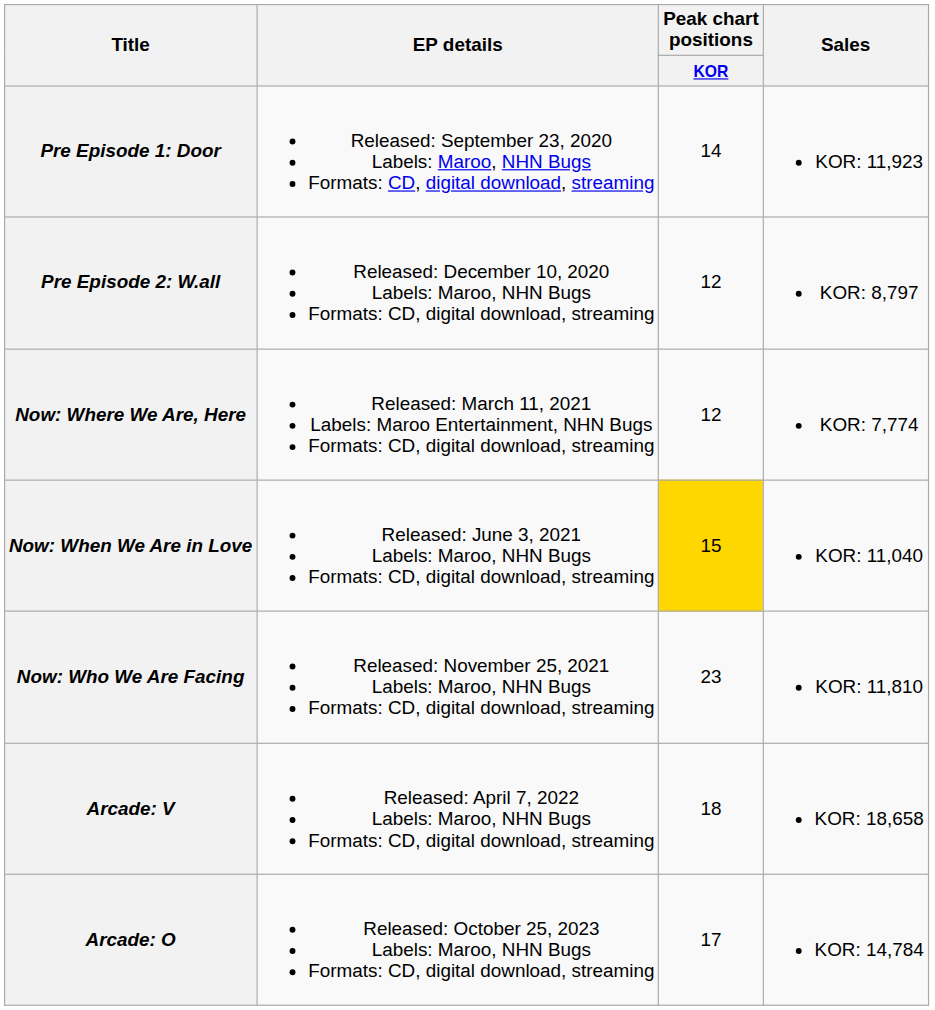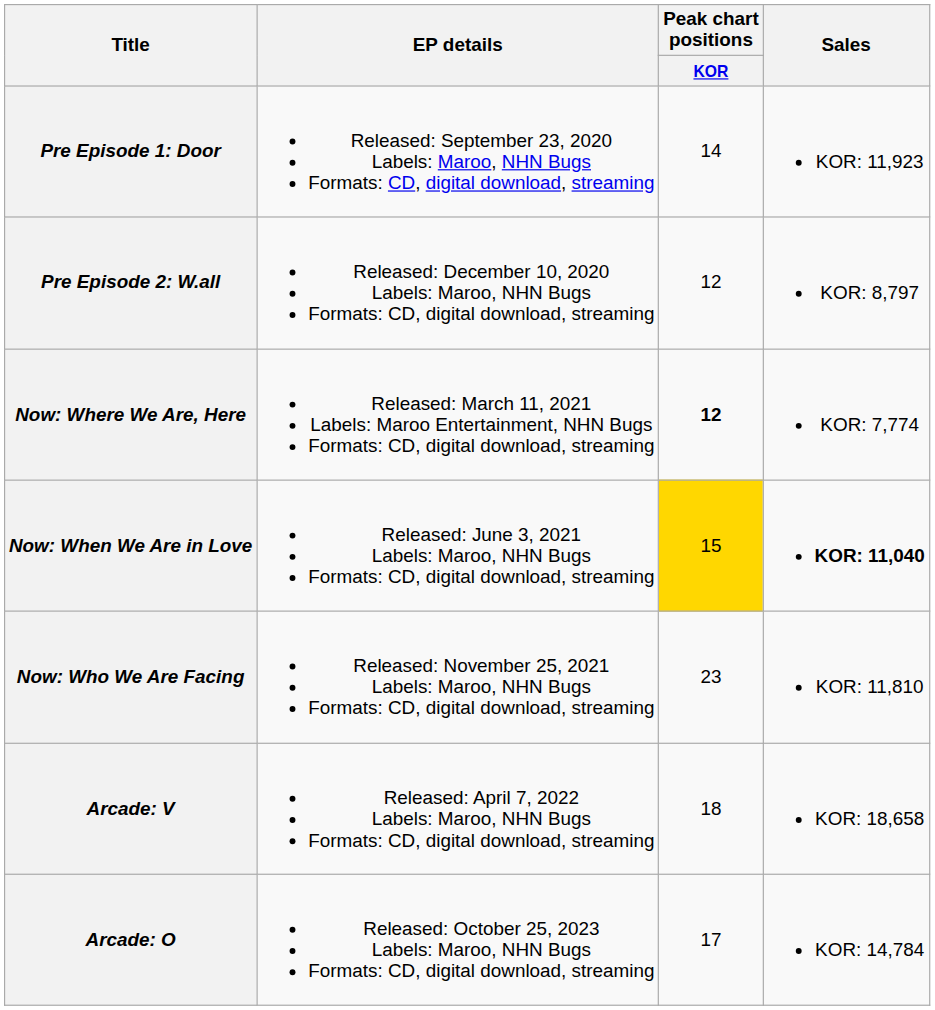 <table class="wikitable plainrowheaders" style="text-align:center">
 <tr>
 <th scope="col" rowspan="2">Title</th>
 <th scope="col" rowspan="2">EP details</th>
 <th scope="col" colspan="1">Peak chart<br>positions</th>
 <th scope="col" rowspan="2">Sales</th>
 </tr>
 <tr>
 <th><small><a href='#'>KOR</a></small><br></th>
 </tr>
 <tr>
 <th scope="row"><em>Pre Episode 1: Door</em></th>
 <td><br><ul><li>Released: September 23, 2020</li><li>Labels: <a href='#'>Maroo</a>, <a href='#'>NHN Bugs</a></li><li>Formats: <a href='#'>CD</a>, <a href='#'>digital download</a>, <a href='#'>streaming</a></li></ul></td>
 <td>14</td>
 <td><br><ul><li>KOR: 11,923</li></ul></td>
 </tr>
 <tr>
 <th scope="row"><em>Pre Episode 2: W.all</em></th>
 <td><br><ul><li>Released: December 10, 2020</li><li>Labels: Maroo, NHN Bugs</li><li>Formats: CD, digital download, streaming</li></ul></td>
 <td>12</td>
 <td><br><ul><li>KOR: 8,797</li></ul></td>
 </tr>
 <tr>
 <th scope="row"><em>Now: Where We Are, Here</em></th>
 <td><br><ul><li>Released: March 11, 2021</li><li>Labels: Maroo Entertainment, NHN Bugs</li><li>Formats: CD, digital download, streaming</li></ul></td>
-<td>12</td>
+<td><strong>12</strong></td>
 <td><br><ul><li>KOR: 7,774</li></ul></td>
 </tr>
 <tr>
 <th scope="row"><em>Now: When We Are in Love</em></th>
 <td><br><ul><li>Released: June 3, 2021</li><li>Labels: Maroo, NHN Bugs</li><li>Formats: CD, digital download, streaming</li></ul></td>
 <td style="background: gold;">15</td>
-<td><br><ul><li>KOR: 11,040</li></ul></td>
+<td><strong><br><ul><li>KOR: 11,040</li></ul></strong></td>
 </tr>
 <tr>
 <th scope="row"><em>Now: Who We Are Facing</em></th>
 <td><br><ul><li>Released: November 25, 2021</li><li>Labels: Maroo, NHN Bugs</li><li>Formats: CD, digital download, streaming</li></ul></td>
 <td>23</td>
 <td><br><ul><li>KOR: 11,810</li></ul></td>
 </tr>
 <tr>
 <th scope="row"><em>Arcade: V</em></th>
 <td><br><ul><li>Released: April 7, 2022</li><li>Labels: Maroo, NHN Bugs</li><li>Formats: CD, digital download, streaming</li></ul></td>
 <td>18</td>
 <td><br><ul><li>KOR: 18,658</li></ul></td>
 </tr>
 <tr>
 <th scope="row"><em>Arcade: O</em></th>
 <td><br><ul><li>Released: October 25, 2023</li><li>Labels: Maroo, NHN Bugs</li><li>Formats: CD, digital download, streaming</li></ul></td>
 <td>17</td>
 <td><br><ul><li>KOR: 14,784</li></ul></td>
 </tr>
 </table>
